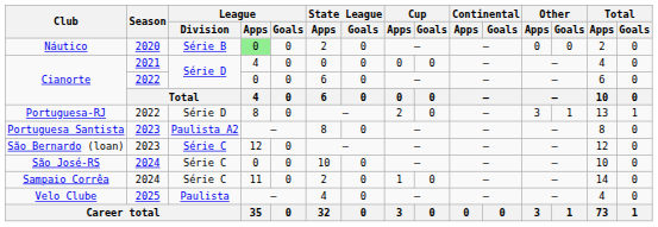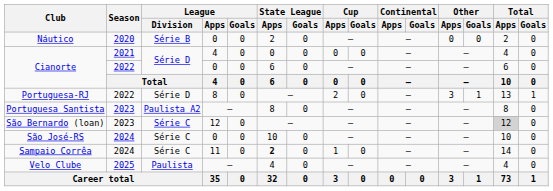 <table class="wikitable" style="text-align: center;">
 <tr>
 <th rowspan="2">Club</th>
 <th rowspan="2">Season</th>
 <th colspan="3">League</th>
 <th colspan="2">State League</th>
 <th colspan="2">Cup</th>
 <th colspan="2">Continental</th>
 <th colspan="2">Other</th>
 <th colspan="2">Total</th>
 </tr>
 <tr>
 <th>Division</th>
 <th>Apps</th>
 <th>Goals</th>
 <th>Apps</th>
 <th>Goals</th>
 <th>Apps</th>
 <th>Goals</th>
 <th>Apps</th>
 <th>Goals</th>
 <th>Apps</th>
 <th>Goals</th>
 <th>Apps</th>
 <th>Goals</th>
 </tr>
 <tr>
 <td valign="center"><a href='#'>Náutico</a></td>
 <td><a href='#'>2020</a></td>
 <td><a href='#'>Série B</a></td>
-<td style="background: lightgreen;">0</td>
+<td>0</td>
 <td>0</td>
 <td>2</td>
 <td>0</td>
 <td colspan="2">—</td>
 <td colspan="2">—</td>
 <td>0</td>
 <td>0</td>
 <td>2</td>
 <td>0</td>
 </tr>
 <tr>
 <td rowspan="3" valign="center"><a href='#'>Cianorte</a></td>
 <td><a href='#'>2021</a></td>
 <td rowspan="2"><a href='#'>Série D</a></td>
 <td>4</td>
 <td>0</td>
 <td>0</td>
 <td>0</td>
 <td>0</td>
 <td>0</td>
 <td colspan="2">—</td>
 <td colspan="2">—</td>
 <td>4</td>
 <td>0</td>
 </tr>
 <tr>
 <td><a href='#'>2022</a></td>
 <td>0</td>
 <td>0</td>
 <td>6</td>
 <td>0</td>
 <td colspan="2">—</td>
 <td colspan="2">—</td>
 <td colspan="2">—</td>
 <td>6</td>
 <td>0</td>
 </tr>
 <tr>
 <th colspan="2">Total</th>
 <th>4</th>
 <th>0</th>
 <th>6</th>
 <th>0</th>
 <th>0</th>
 <th>0</th>
 <th colspan="2">—</th>
 <th colspan="2">—</th>
 <th>10</th>
 <th>0</th>
 </tr>
 <tr>
 <td valign="center"><a href='#'>Portuguesa-RJ</a></td>
 <td>2022</td>
 <td>Série D</td>
 <td>8</td>
 <td>0</td>
 <td colspan="2">—</td>
 <td>2</td>
 <td>0</td>
 <td colspan="2">—</td>
 <td>3</td>
 <td>1</td>
 <td>13</td>
 <td>1</td>
 </tr>
 <tr>
 <td valign="center"><a href='#'>Portuguesa Santista</a></td>
 <td><a href='#'>2023</a></td>
 <td><a href='#'>Paulista A2</a></td>
 <td colspan="2">—</td>
 <td>8</td>
 <td>0</td>
 <td colspan="2">—</td>
 <td colspan="2">—</td>
 <td colspan="2">—</td>
 <td>8</td>
 <td>0</td>
 </tr>
 <tr>
 <td valign="center"><a href='#'>São Bernardo</a> (loan)</td>
 <td>2023</td>
 <td><a href='#'>Série C</a></td>
 <td>12</td>
 <td>0</td>
 <td colspan="2">—</td>
 <td colspan="2">—</td>
 <td colspan="2">—</td>
 <td colspan="2">—</td>
-<td>12</td>
+<td style="background: lightgrey;">12</td>
 <td>0</td>
 </tr>
 <tr>
 <td valign="center"><a href='#'>São José-RS</a></td>
 <td><a href='#'>2024</a></td>
 <td>Série C</td>
 <td>0</td>
 <td>0</td>
 <td>10</td>
 <td>0</td>
 <td colspan="2">—</td>
 <td colspan="2">—</td>
 <td colspan="2">—</td>
 <td>10</td>
 <td>0</td>
 </tr>
 <tr>
 <td valign="center"><a href='#'>Sampaio Corrêa</a></td>
 <td>2024</td>
 <td>Série C</td>
 <td>11</td>
 <td>0</td>
-<td>2</td>
+<td><strong>2</strong></td>
 <td>0</td>
 <td>1</td>
 <td>0</td>
 <td colspan="2">—</td>
 <td colspan="2">—</td>
 <td>14</td>
 <td>0</td>
 </tr>
 <tr>
 <td valign="center"><a href='#'>Velo Clube</a></td>
 <td><a href='#'>2025</a></td>
 <td><a href='#'>Paulista</a></td>
 <td colspan="2">—</td>
 <td>4</td>
 <td>0</td>
 <td colspan="2">—</td>
 <td colspan="2">—</td>
 <td colspan="2">—</td>
 <td>4</td>
 <td>0</td>
 </tr>
 <tr>
 <th colspan="3"><strong>Career total</strong></th>
 <th>35</th>
 <th>0</th>
 <th>32</th>
 <th>0</th>
 <th>3</th>
 <th>0</th>
 <th>0</th>
 <th>0</th>
 <th>3</th>
 <th>1</th>
 <th>73</th>
 <th>1</th>
 </tr>
 </table>
